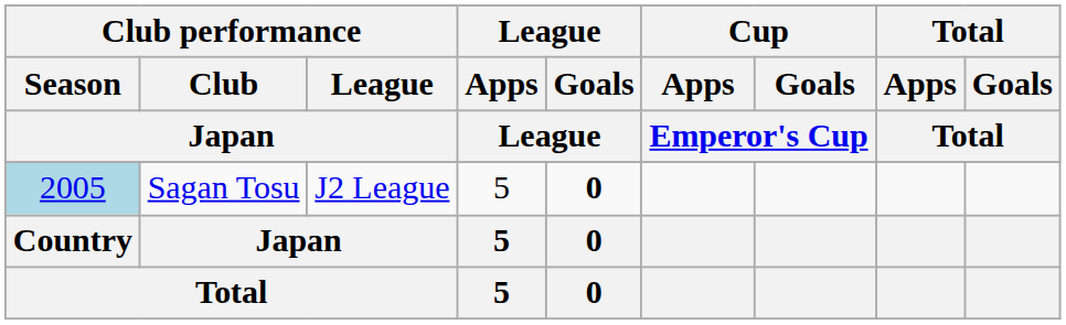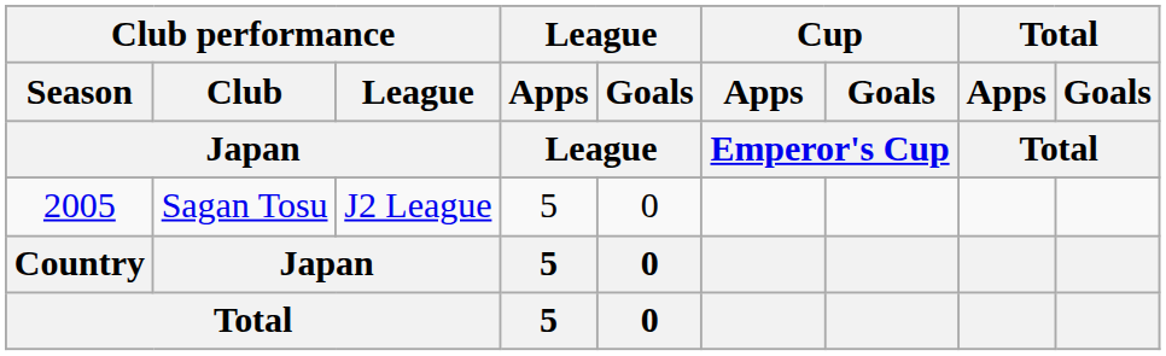 <table class="wikitable" style="text-align:center;">
 <tr>
 <th colspan=3>Club performance</th>
 <th colspan=2>League</th>
 <th colspan=2>Cup</th>
 <th colspan=2>Total</th>
 </tr>
 <tr>
 <th>Season</th>
 <th>Club</th>
 <th>League</th>
 <th>Apps</th>
 <th>Goals</th>
 <th>Apps</th>
 <th>Goals</th>
 <th>Apps</th>
 <th>Goals</th>
 </tr>
 <tr>
 <th colspan=3>Japan</th>
 <th colspan=2>League</th>
 <th colspan=2><a href='#'>Emperor's Cup</a></th>
 <th colspan=2>Total</th>
 </tr>
 <tr>
-<td style="background: lightblue;"><a href='#'>2005</a></td>
+<td><a href='#'>2005</a></td>
 <td><a href='#'>Sagan Tosu</a></td>
 <td><a href='#'>J2 League</a></td>
 <td>5</td>
-<td><strong>0</strong></td>
+<td>0</td>
 <td></td>
 <td></td>
 <td></td>
 <td></td>
 </tr>
 <tr>
 <th rowspan=1>Country</th>
 <th colspan=2>Japan</th>
 <th>5</th>
 <th>0</th>
 <th></th>
 <th></th>
 <th></th>
 <th></th>
 </tr>
 <tr>
 <th colspan=3>Total</th>
 <th>5</th>
 <th>0</th>
 <th></th>
 <th></th>
 <th></th>
 <th></th>
 </tr>
 </table>
